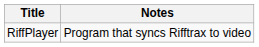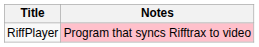 <table class="wikitable sortable">
 <tr>
 <th>Title</th>
 <th>Notes</th>
 </tr>
 <tr>
 <td>RiffPlayer</td>
-<td>Program that syncs Rifftrax to video</td>
+<td style="background: pink;">Program that syncs Rifftrax to video</td>
 </tr>
 </table>
